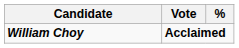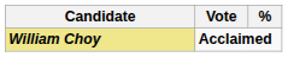 <table class="wikitable">
 <tr>
 <th bgcolor="#DDDDFF" width="200px">Candidate</th>
 <th bgcolor="#DDDDFF" width="50px">Vote</th>
 <th bgcolor="#DDDDFF" width="30px">%</th>
 </tr>
 <tr>
-<td><strong><em>William Choy</em></strong></td>
+<td style="background: khaki;"><strong><em>William Choy</em></strong></td>
 <td colspan="2"><strong>Acclaimed</strong></td>
 </tr>
 </table>
